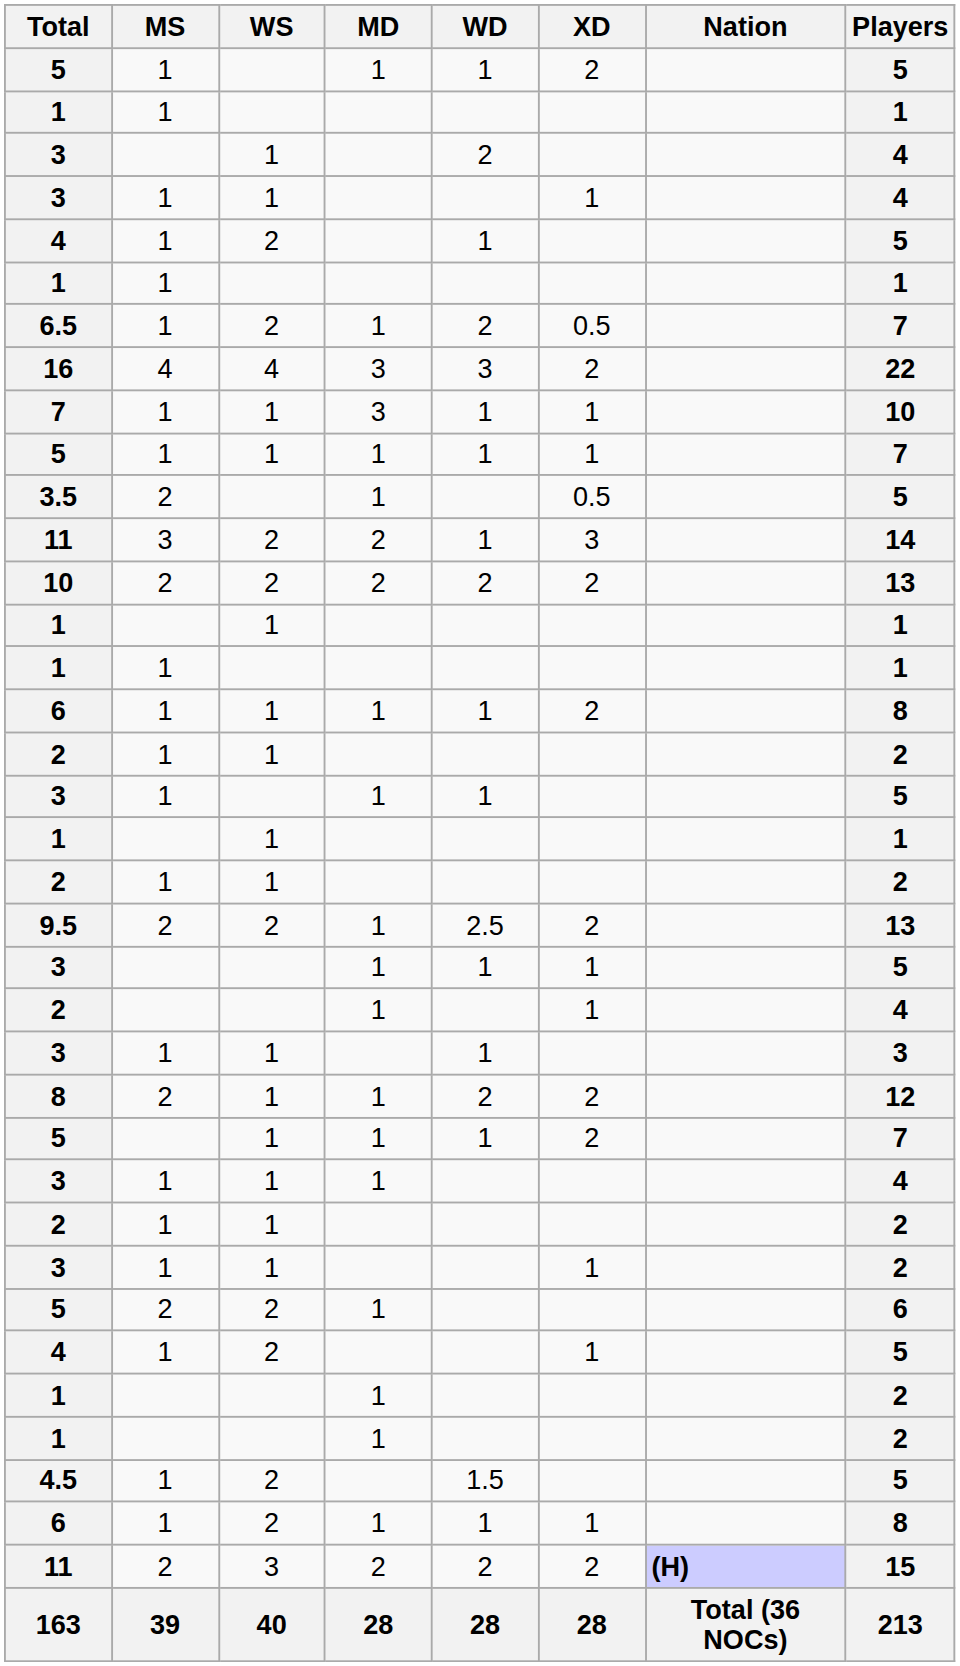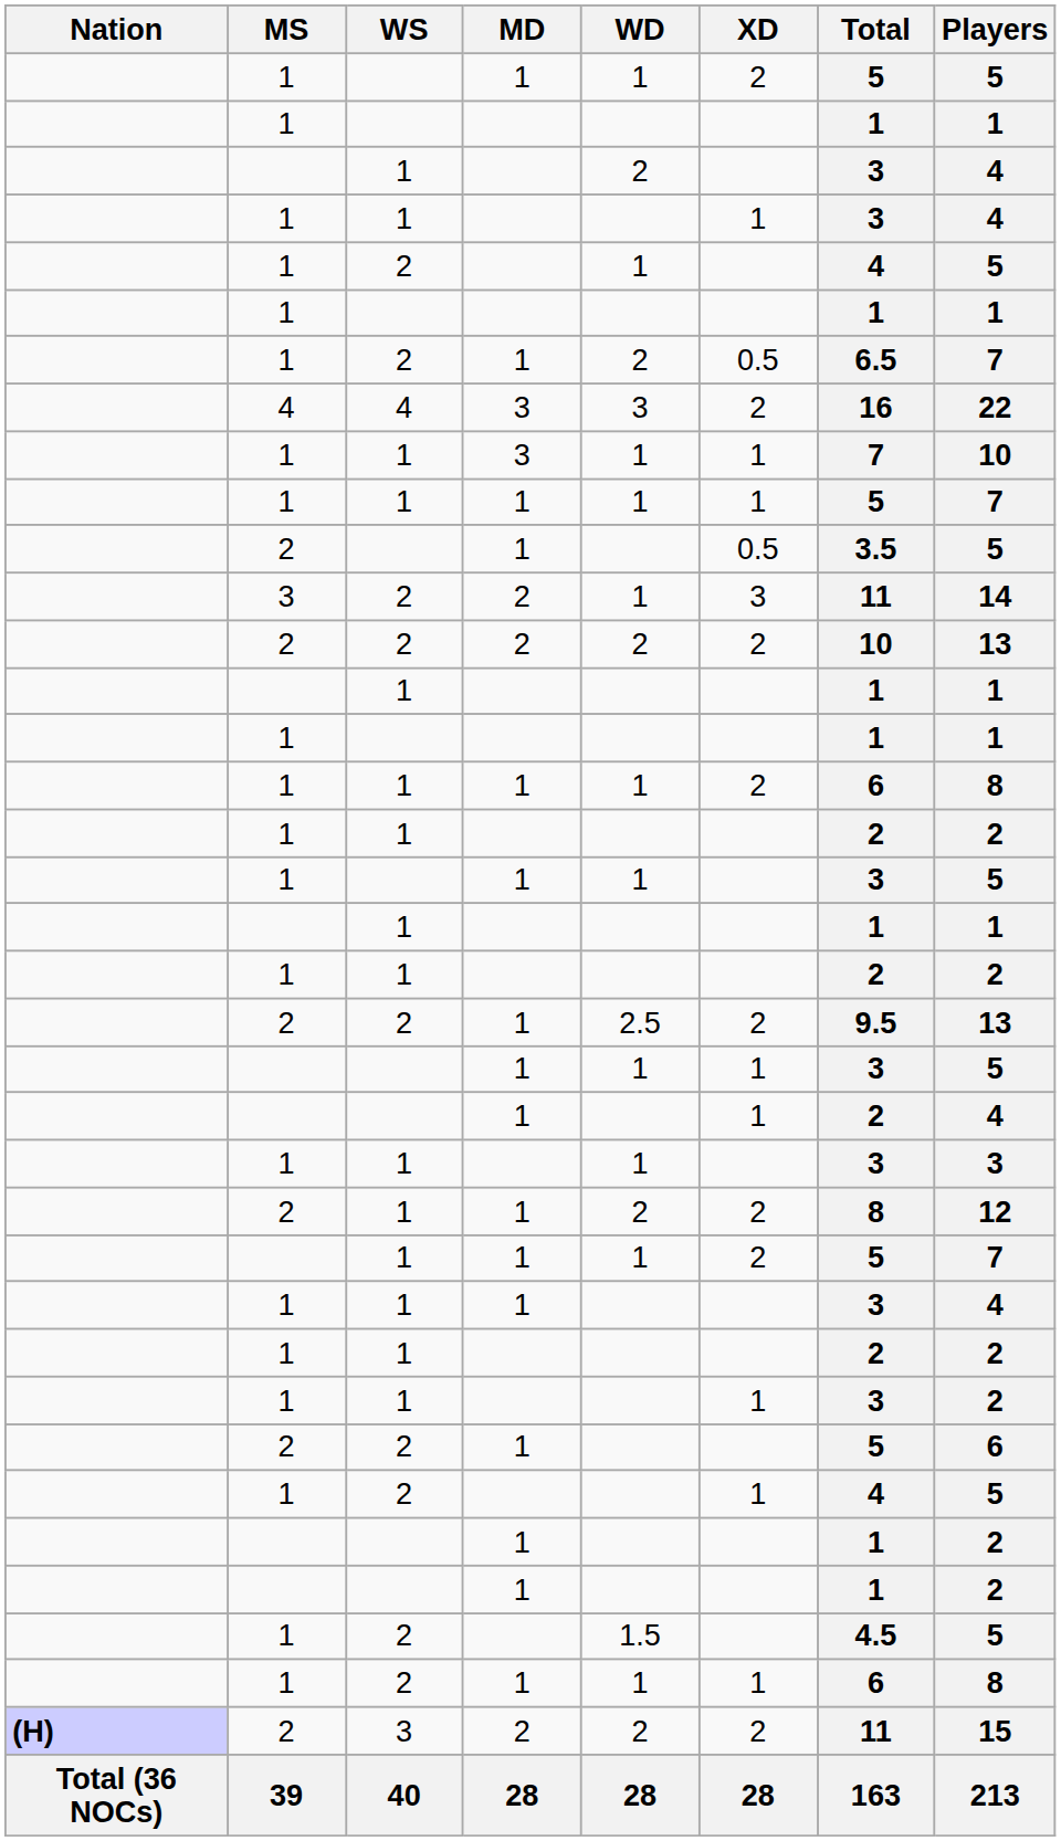 <table class="sortable wikitable" style="font-size:90%; text-align:center">
 <tr>
-<th width="50">Total</th>
+<th width="100">Nation</th>
 <th width="50">MS</th>
 <th width="50">WS</th>
 <th width="50">MD</th>
 <th width="50">WD</th>
 <th width="50">XD</th>
-<th width="100">Nation</th>
+<th width="50">Total</th>
 <th width="50">Players</th>
 </tr>
 <tr>
-<th>5</th>
+<td align="left"></td>
 <td>1</td>
 <td></td>
 <td>1</td>
 <td>1</td>
 <td>2</td>
-<td align="left"></td>
+<th>5</th>
 <th>5</th>
 </tr>
 <tr>
-<th>1</th>
+<td align="left"></td>
 <td>1</td>
 <td></td>
 <td></td>
 <td></td>
 <td></td>
-<td align="left"></td>
+<th>1</th>
 <th>1</th>
 </tr>
 <tr>
-<th>3</th>
+<td align="left"></td>
 <td></td>
 <td>1</td>
 <td></td>
 <td>2</td>
 <td></td>
-<td align="left"></td>
+<th>3</th>
 <th>4</th>
 </tr>
 <tr>
-<th>3</th>
+<td align="left"></td>
 <td>1</td>
 <td>1</td>
 <td></td>
 <td></td>
 <td>1</td>
-<td align="left"></td>
+<th>3</th>
 <th>4</th>
 </tr>
 <tr>
-<th>4</th>
+<td align="left"></td>
 <td>1</td>
 <td>2</td>
 <td></td>
 <td>1</td>
 <td></td>
-<td align="left"></td>
+<th>4</th>
 <th>5</th>
 </tr>
 <tr>
-<th>1</th>
+<td align="left"></td>
 <td>1</td>
 <td></td>
 <td></td>
 <td></td>
 <td></td>
-<td align="left"></td>
+<th>1</th>
 <th>1</th>
 </tr>
 <tr>
-<th>6.5</th>
+<td align="left"></td>
 <td>1</td>
 <td>2</td>
 <td>1</td>
 <td>2</td>
 <td>0.5</td>
-<td align="left"></td>
+<th>6.5</th>
 <th>7</th>
 </tr>
 <tr>
-<th>16</th>
+<td align="left"></td>
 <td>4</td>
 <td>4</td>
 <td>3</td>
 <td>3</td>
 <td>2</td>
-<td align="left"></td>
+<th>16</th>
 <th>22</th>
 </tr>
 <tr>
-<th>7</th>
+<td align="left"></td>
 <td>1</td>
 <td>1</td>
 <td>3</td>
 <td>1</td>
 <td>1</td>
-<td align="left"></td>
+<th>7</th>
 <th>10</th>
 </tr>
 <tr>
-<th>5</th>
+<td align="left"></td>
 <td>1</td>
 <td>1</td>
 <td>1</td>
 <td>1</td>
 <td>1</td>
-<td align="left"></td>
+<th>5</th>
 <th>7</th>
 </tr>
 <tr>
-<th>3.5</th>
+<td align="left"></td>
 <td>2</td>
 <td></td>
 <td>1</td>
 <td></td>
 <td>0.5</td>
-<td align="left"></td>
+<th>3.5</th>
 <th>5</th>
 </tr>
 <tr>
-<th>11</th>
+<td align="left"></td>
 <td>3</td>
 <td>2</td>
 <td>2</td>
 <td>1</td>
 <td>3</td>
-<td align="left"></td>
+<th>11</th>
 <th>14</th>
 </tr>
 <tr>
-<th>10</th>
+<td align="left"></td>
 <td>2</td>
 <td>2</td>
 <td>2</td>
 <td>2</td>
 <td>2</td>
-<td align="left"></td>
+<th>10</th>
 <th>13</th>
 </tr>
 <tr>
-<th>1</th>
+<td align="left"></td>
 <td></td>
 <td>1</td>
 <td></td>
 <td></td>
 <td></td>
-<td align="left"></td>
+<th>1</th>
 <th>1</th>
 </tr>
 <tr>
-<th>1</th>
+<td align="left"></td>
 <td>1</td>
 <td></td>
 <td></td>
 <td></td>
 <td></td>
-<td align="left"></td>
+<th>1</th>
 <th>1</th>
 </tr>
 <tr>
-<th>6</th>
+<td align="left"></td>
 <td>1</td>
 <td>1</td>
 <td>1</td>
 <td>1</td>
 <td>2</td>
-<td align="left"></td>
+<th>6</th>
 <th>8</th>
 </tr>
 <tr>
-<th>2</th>
+<td align="left"></td>
 <td>1</td>
 <td>1</td>
 <td></td>
 <td></td>
 <td></td>
-<td align="left"></td>
+<th>2</th>
 <th>2</th>
 </tr>
 <tr>
-<th>3</th>
+<td align="left"></td>
 <td>1</td>
 <td></td>
 <td>1</td>
 <td>1</td>
 <td></td>
-<td align="left"></td>
+<th>3</th>
 <th>5</th>
 </tr>
 <tr>
-<th>1</th>
+<td align="left"></td>
 <td></td>
 <td>1</td>
 <td></td>
 <td></td>
 <td></td>
-<td align="left"></td>
+<th>1</th>
 <th>1</th>
 </tr>
 <tr>
-<th>2</th>
+<td align="left"></td>
 <td>1</td>
 <td>1</td>
 <td></td>
 <td></td>
 <td></td>
-<td align="left"></td>
+<th>2</th>
 <th>2</th>
 </tr>
 <tr>
-<th>9.5</th>
+<td align="left"></td>
 <td>2</td>
 <td>2</td>
 <td>1</td>
 <td>2.5</td>
 <td>2</td>
-<td align="left"></td>
+<th>9.5</th>
 <th>13</th>
 </tr>
 <tr>
-<th>3</th>
+<td align="left"></td>
 <td></td>
 <td></td>
 <td>1</td>
 <td>1</td>
 <td>1</td>
-<td align="left"></td>
+<th>3</th>
 <th>5</th>
 </tr>
 <tr>
-<th>2</th>
+<td align="left"></td>
 <td></td>
 <td></td>
 <td>1</td>
 <td></td>
 <td>1</td>
-<td align="left"></td>
+<th>2</th>
 <th>4</th>
 </tr>
 <tr>
-<th>3</th>
+<td align="left"></td>
 <td>1</td>
 <td>1</td>
 <td></td>
 <td>1</td>
 <td></td>
-<td align="left"></td>
+<th>3</th>
 <th>3</th>
 </tr>
 <tr>
-<th>8</th>
+<td align="left"></td>
 <td>2</td>
 <td>1</td>
 <td>1</td>
 <td>2</td>
 <td>2</td>
-<td align="left"></td>
+<th>8</th>
 <th>12</th>
 </tr>
 <tr>
-<th>5</th>
+<td align="left"></td>
 <td></td>
 <td>1</td>
 <td>1</td>
 <td>1</td>
 <td>2</td>
-<td align="left"></td>
+<th>5</th>
 <th>7</th>
 </tr>
 <tr>
-<th>3</th>
+<td align="left"></td>
 <td>1</td>
 <td>1</td>
 <td>1</td>
 <td></td>
 <td></td>
-<td align="left"></td>
+<th>3</th>
 <th>4</th>
 </tr>
 <tr>
-<th>2</th>
+<td align="left"></td>
 <td>1</td>
 <td>1</td>
 <td></td>
 <td></td>
 <td></td>
-<td align="left"></td>
+<th>2</th>
 <th>2</th>
 </tr>
 <tr>
-<th>3</th>
+<td align="left"></td>
 <td>1</td>
 <td>1</td>
 <td></td>
 <td></td>
 <td>1</td>
-<td align="left"></td>
+<th>3</th>
 <th>2</th>
 </tr>
 <tr>
-<th>5</th>
+<td align="left"></td>
 <td>2</td>
 <td>2</td>
 <td>1</td>
 <td></td>
 <td></td>
-<td align="left"></td>
+<th>5</th>
 <th>6</th>
 </tr>
 <tr>
-<th>4</th>
+<td align="left"></td>
 <td>1</td>
 <td>2</td>
 <td></td>
 <td></td>
 <td>1</td>
-<td align="left"></td>
+<th>4</th>
 <th>5</th>
 </tr>
 <tr>
-<th>1</th>
+<td align="left"></td>
 <td></td>
 <td></td>
 <td>1</td>
 <td></td>
 <td></td>
-<td align="left"></td>
+<th>1</th>
 <th>2</th>
 </tr>
 <tr>
-<th>1</th>
+<td align="left"></td>
 <td></td>
 <td></td>
 <td>1</td>
 <td></td>
 <td></td>
-<td align="left"></td>
+<th>1</th>
 <th>2</th>
 </tr>
 <tr>
-<th>4.5</th>
+<td align="left"></td>
 <td>1</td>
 <td>2</td>
 <td></td>
 <td>1.5</td>
 <td></td>
-<td align="left"></td>
+<th>4.5</th>
 <th>5</th>
 </tr>
 <tr>
-<th>6</th>
+<td align="left"></td>
 <td>1</td>
 <td>2</td>
 <td>1</td>
 <td>1</td>
 <td>1</td>
-<td align="left"></td>
+<th>6</th>
 <th>8</th>
 </tr>
 <tr>
-<th>11</th>
+<td align="left" bgcolor="#CCCCFF"> <strong>(H)</strong></td>
 <td>2</td>
 <td>3</td>
 <td>2</td>
 <td>2</td>
 <td>2</td>
-<td align="left" bgcolor="#CCCCFF"> <strong>(H)</strong></td>
+<th>11</th>
 <th>15</th>
 </tr>
 <tr>
-<th>163</th>
+<th>Total (36 NOCs)</th>
 <th>39</th>
 <th>40</th>
 <th>28</th>
 <th>28</th>
 <th>28</th>
-<th>Total (36 NOCs)</th>
+<th>163</th>
 <th>213</th>
 </tr>
 </table>
